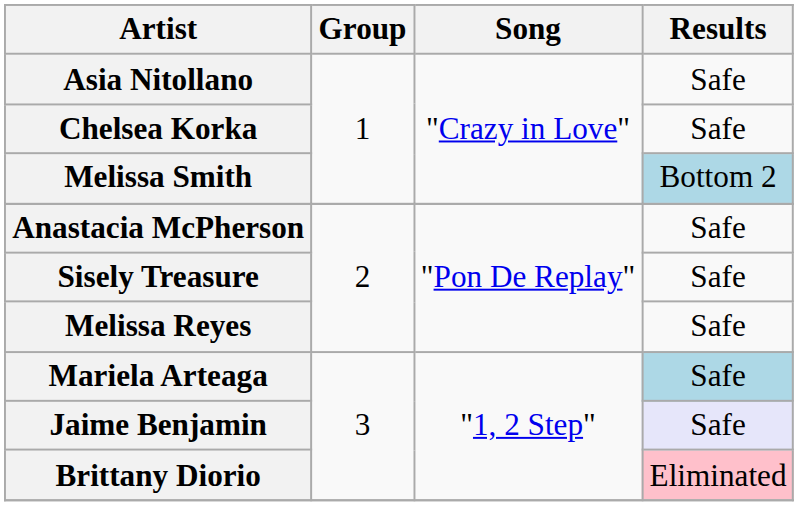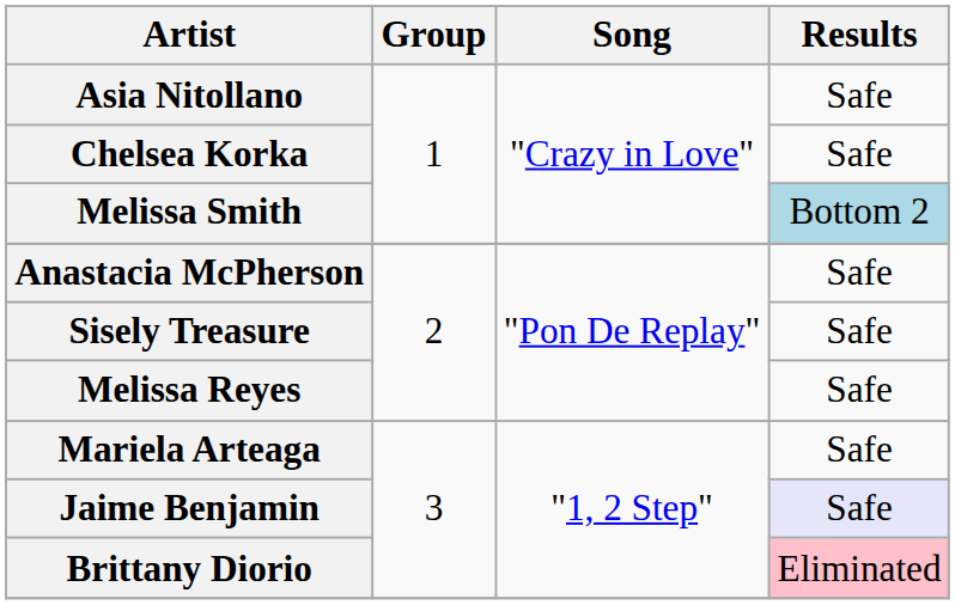 <table class="wikitable plainrowheaders" style="text-align:center;">
 <tr>
 <th scope="col">Artist</th>
 <th scope="col">Group</th>
 <th scope="col">Song</th>
 <th scope="col">Results</th>
 </tr>
 <tr>
 <th scope="row">Asia Nitollano</th>
 <td rowspan="3">1</td>
 <td rowspan="3">"<a href='#'>Crazy in Love</a>"</td>
 <td>Safe</td>
 </tr>
 <tr>
 <th scope="row">Chelsea Korka</th>
 <td>Safe</td>
 </tr>
 <tr>
 <th scope="row">Melissa Smith</th>
 <td style="background:lightblue;">Bottom 2</td>
 </tr>
 <tr>
 </tr>
 <tr>
 <th scope="row">Anastacia McPherson</th>
 <td rowspan="3">2</td>
 <td rowspan="3">"<a href='#'>Pon De Replay</a>"</td>
 <td>Safe</td>
 </tr>
 <tr>
 <th scope="row">Sisely Treasure</th>
 <td>Safe</td>
 </tr>
 <tr>
 <th scope="row">Melissa Reyes</th>
 <td>Safe</td>
 </tr>
 <tr>
 <th scope="row">Mariela Arteaga</th>
 <td rowspan="3">3</td>
 <td rowspan="3">"<a href='#'>1, 2 Step</a>"</td>
-<td style="background: lightblue;">Safe</td>
+<td>Safe</td>
 </tr>
 <tr>
 <th scope="row">Jaime Benjamin</th>
 <td style="background: lavender;">Safe</td>
 </tr>
 <tr>
 <th scope="row">Brittany Diorio</th>
 <td style="background:pink;">Eliminated</td>
 </tr>
 <tr>
 </tr>
 </table>
